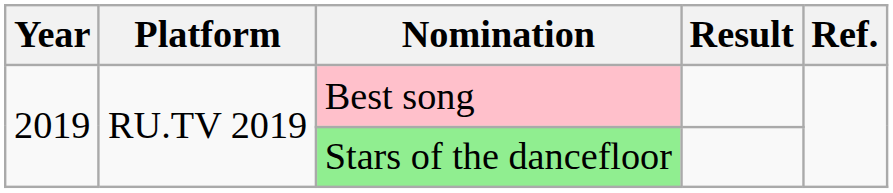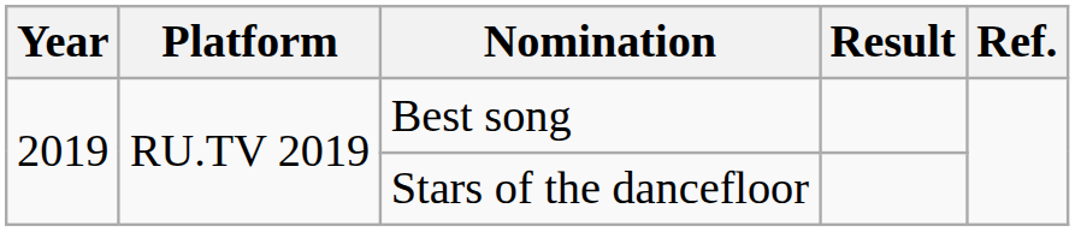 <table class="wikitable">
 <tr>
 <th>Year</th>
 <th>Platform</th>
 <th>Nomination</th>
 <th>Result</th>
 <th>Ref.</th>
 </tr>
 <tr>
 <td rowspan="2">2019</td>
 <td rowspan="2">RU.TV 2019</td>
-<td style="background: pink;">Best song</td>
+<td>Best song</td>
 <td></td>
 <td rowspan="2"></td>
 </tr>
 <tr>
-<td style="background: lightgreen;">Stars of the dancefloor</td>
+<td>Stars of the dancefloor</td>
 <td></td>
 </tr>
 </table>
